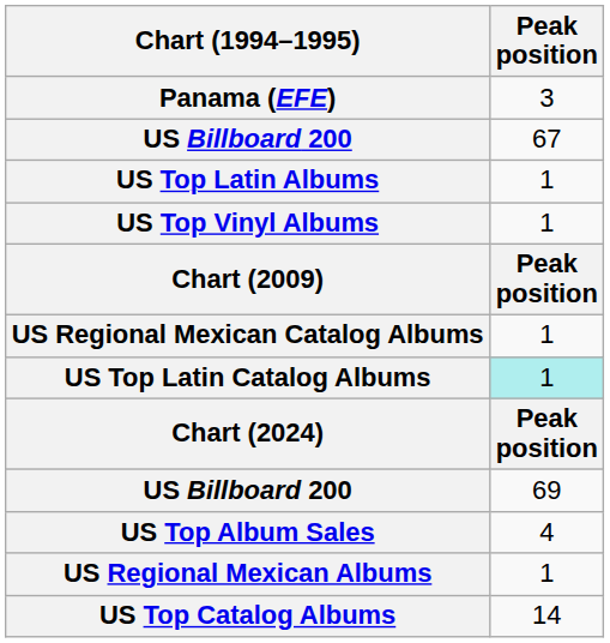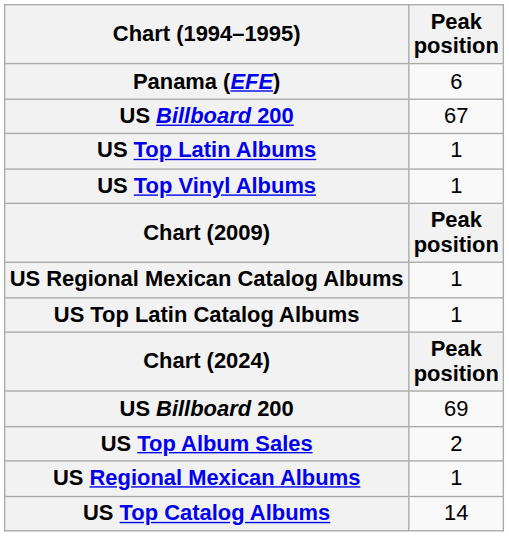 <table class="wikitable sortable plainrowheaders" style="text-align:center;">
 <tr>
 <th scope="col">Chart (1994–1995)</th>
 <th scope="col">Peak<br>position</th>
 </tr>
 <tr>
 <th scope="row">Panama (<em><a href='#'>EFE</a></em>)</th>
-<td>3</td>
+<td>6</td>
 </tr>
 <tr>
 <th scope="row">US <a href='#'><em>Billboard</em> 200</a></th>
 <td>67</td>
 </tr>
 <tr>
 <th scope="row">US <a href='#'>Top Latin Albums</a></th>
 <td>1</td>
 </tr>
 <tr>
 <th scope="row">US <a href='#'>Top Vinyl Albums</a></th>
 <td>1</td>
 </tr>
 <tr>
 <th scope="col">Chart (2009)</th>
 <th scope="col">Peak<br>position</th>
 </tr>
 <tr>
 <th scope="row">US Regional Mexican Catalog Albums</th>
 <td>1</td>
 </tr>
 <tr>
 <th scope="row">US Top Latin Catalog Albums</th>
-<td style="background: paleturquoise;">1</td>
+<td>1</td>
 </tr>
 <tr>
 <th scope="col">Chart (2024)</th>
 <th scope="col">Peak<br>position</th>
 </tr>
 <tr>
 <th scope="row">US <em>Billboard</em> 200</th>
 <td>69</td>
 </tr>
 <tr>
 <th scope="row">US <a href='#'>Top Album Sales</a></th>
-<td>4</td>
+<td>2</td>
 </tr>
 <tr>
 <th scope="row">US <a href='#'>Regional Mexican Albums</a></th>
 <td>1</td>
 </tr>
 <tr>
 <th scope="row">US <a href='#'>Top Catalog Albums</a></th>
 <td>14</td>
 </tr>
 </table>
